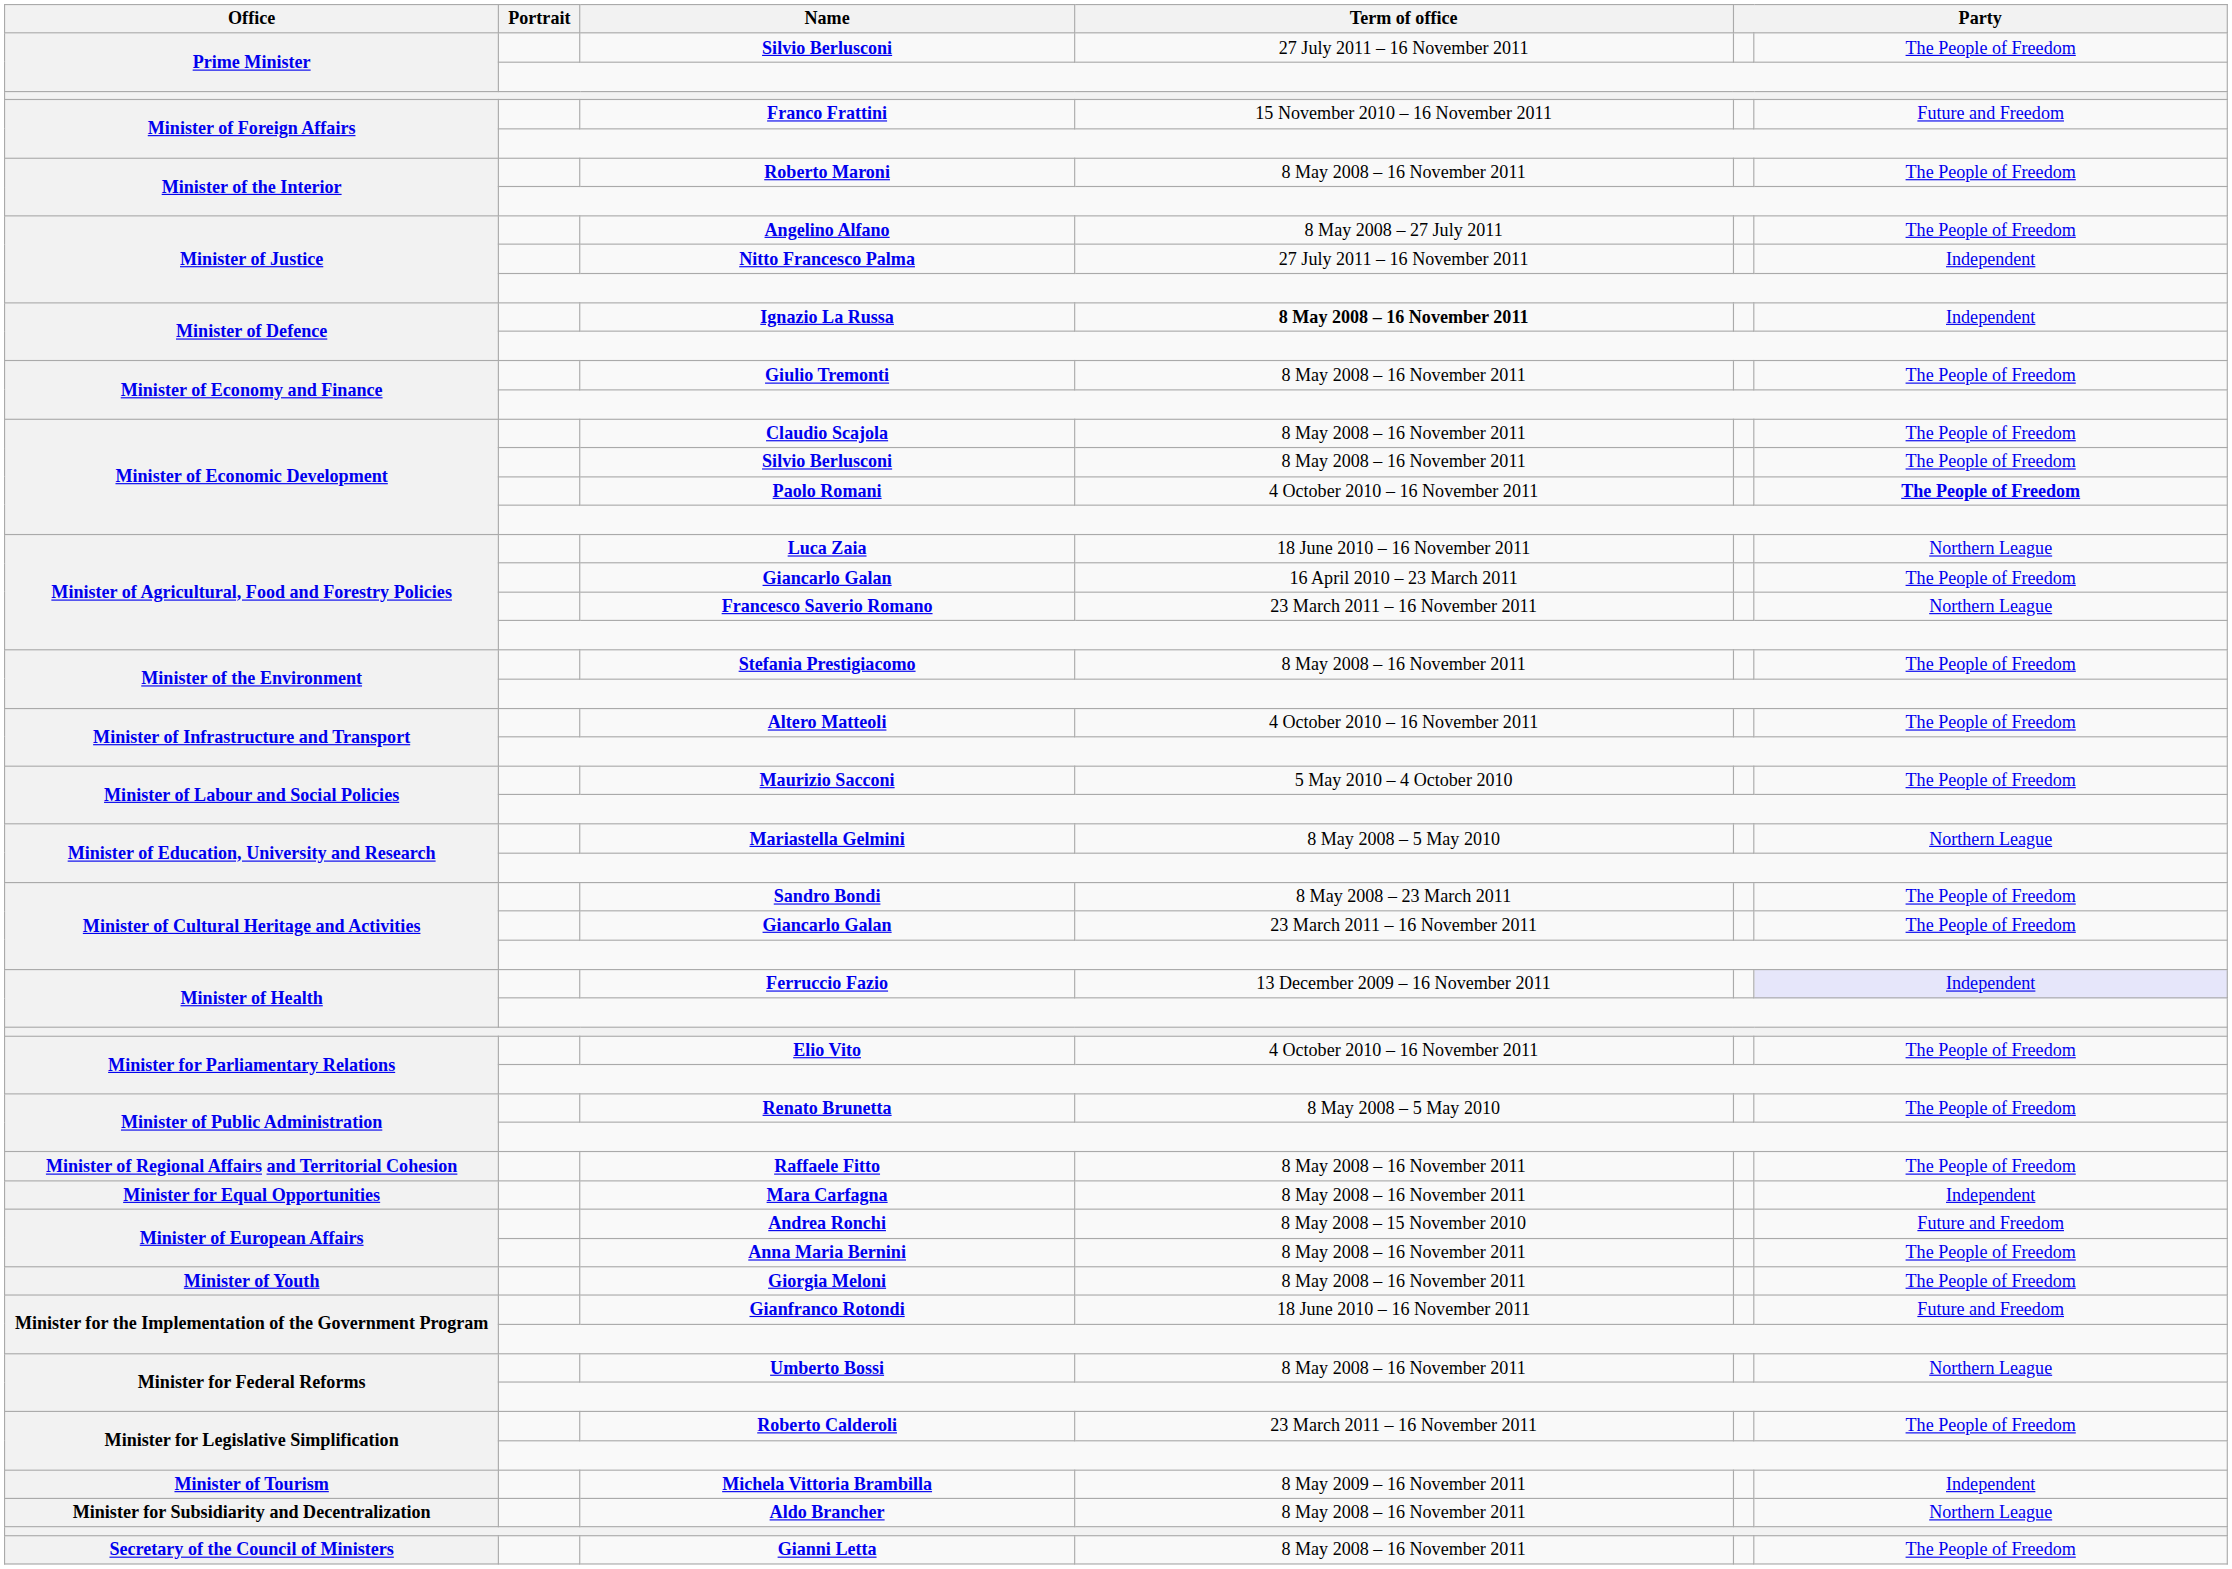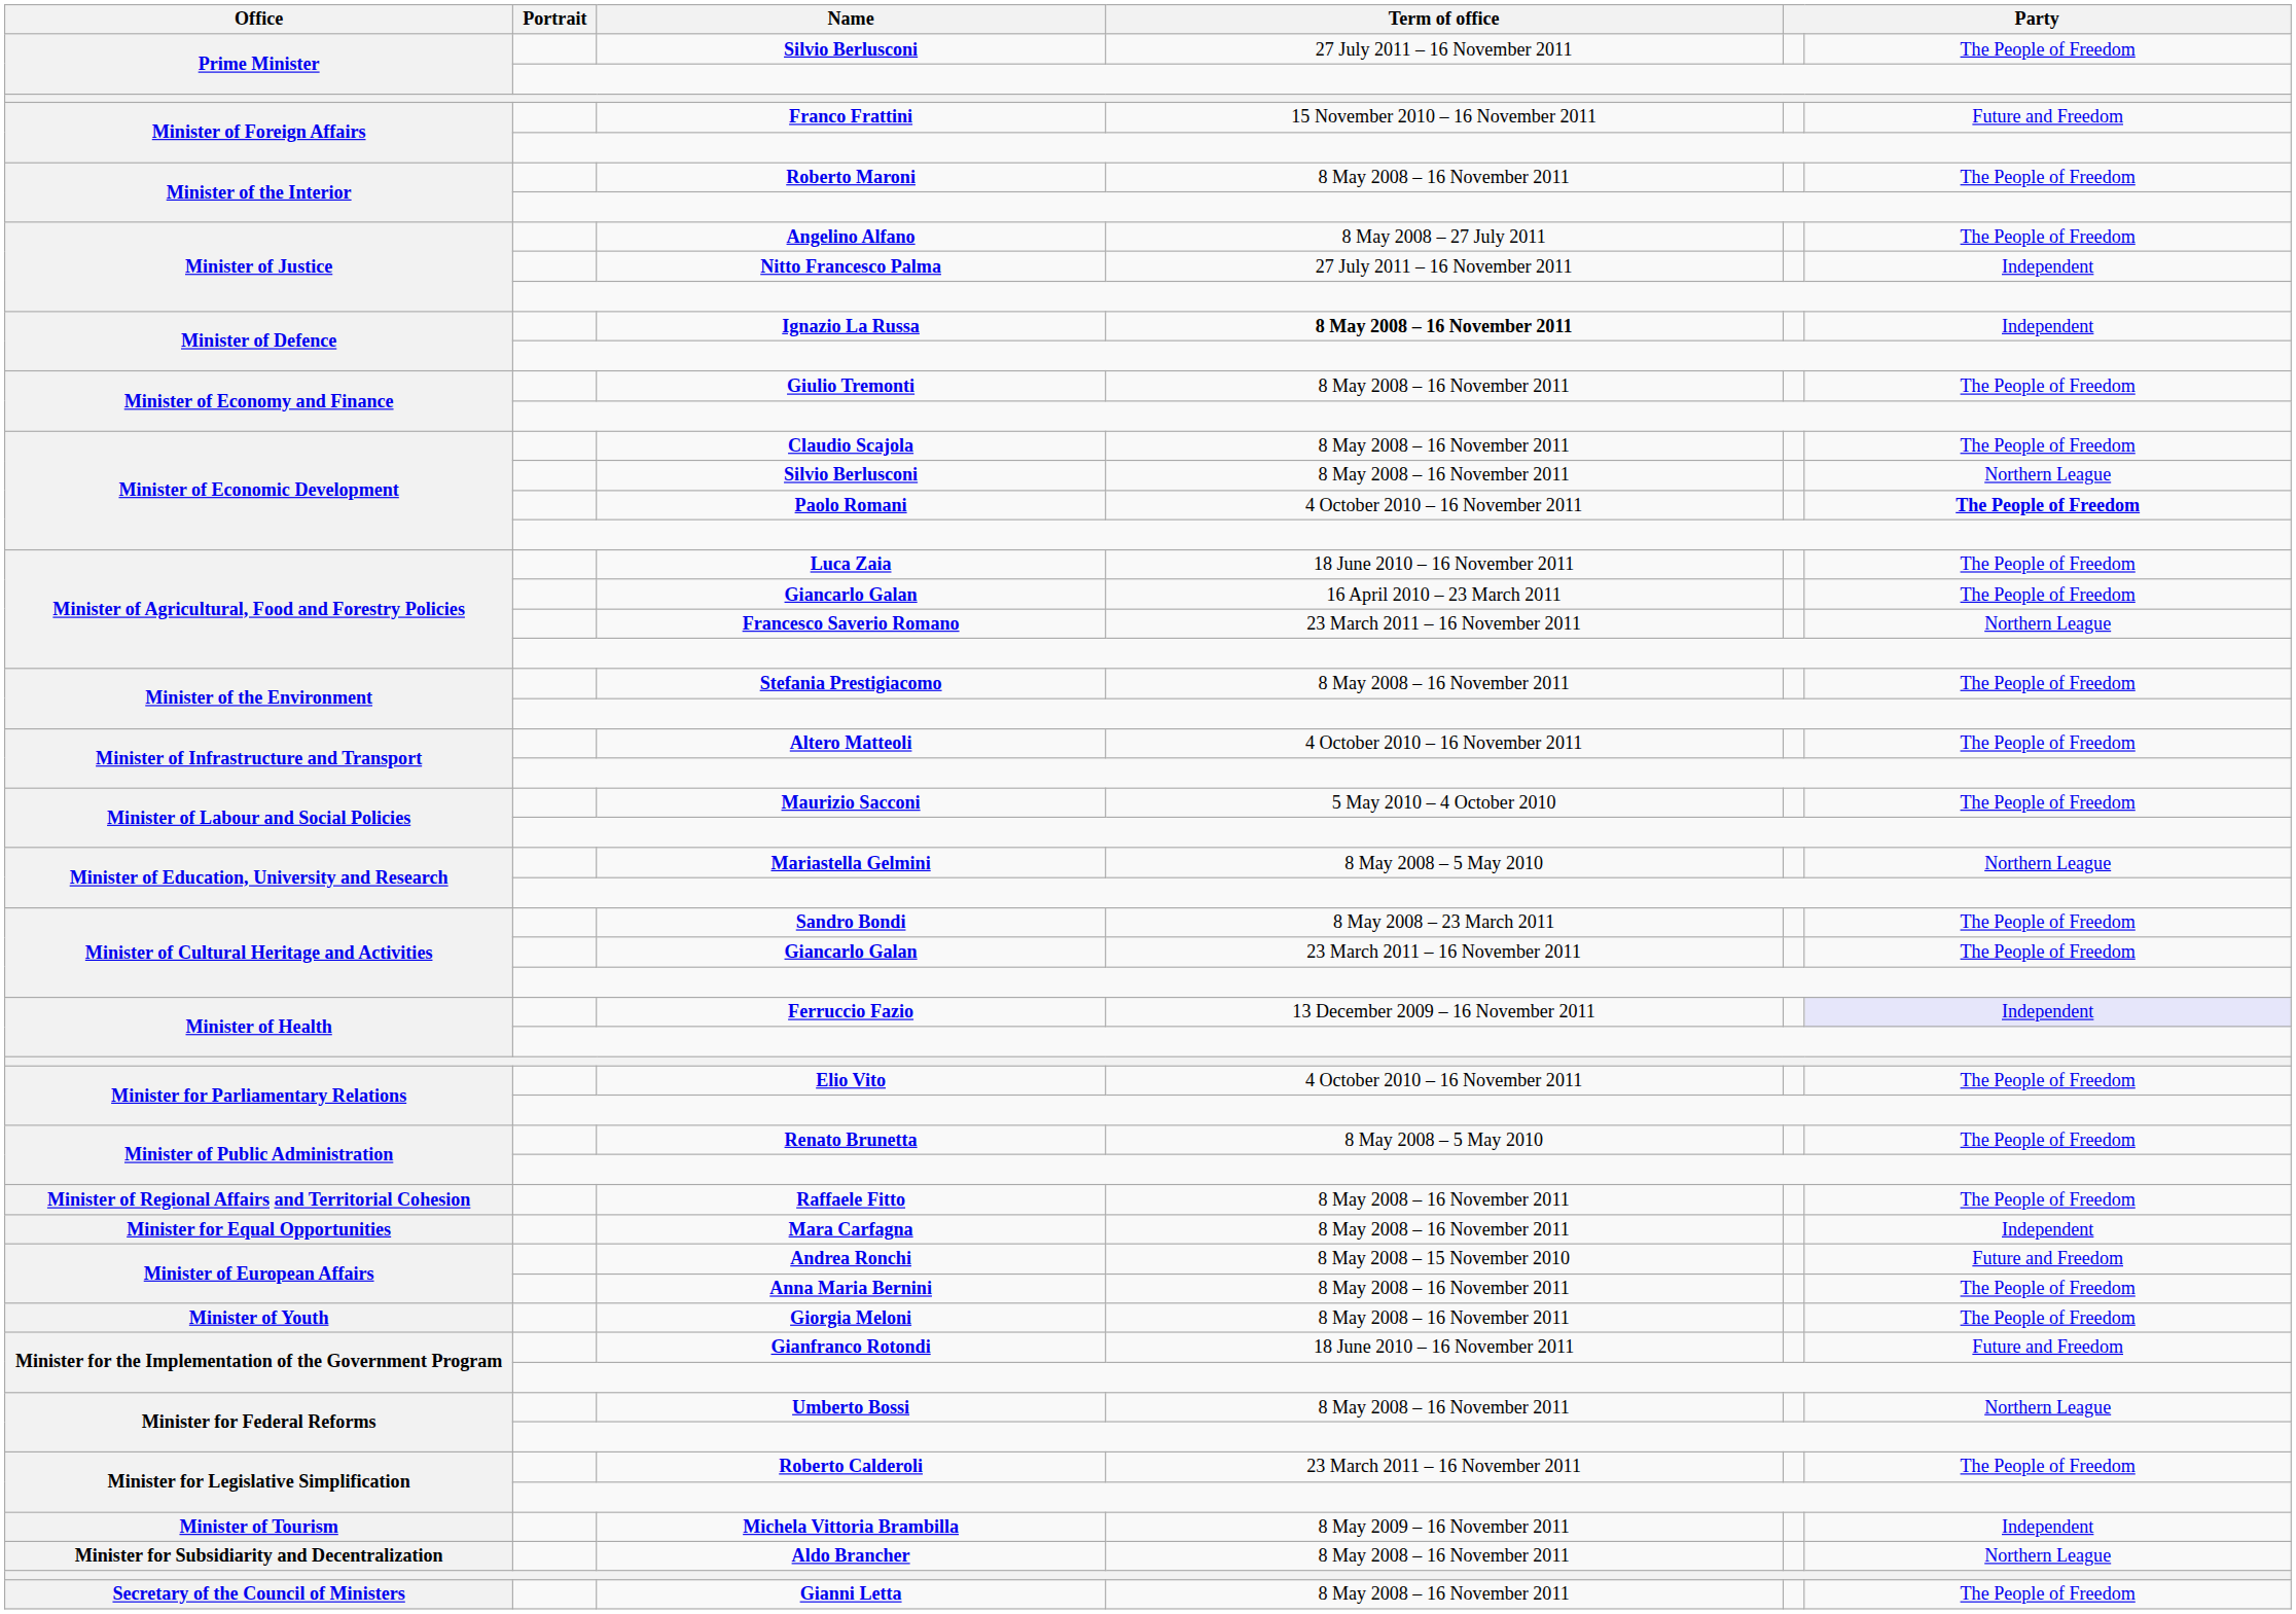 <table class="wikitable" style="text-align:center;">
 <tr>
 <th width=15%>Office</th>
 <th width=1%>Portrait</th>
 <th width=15%>Name</th>
 <th width=20%>Term of office</th>
 <th width=15% colspan=2>Party</th>
 </tr>
 <tr>
 <th rowspan=2><a href='#'>Prime Minister</a></th>
 <td></td>
 <td><strong><a href='#'>Silvio Berlusconi</a></strong></td>
 <td>27 July 2011 – 16 November 2011</td>
 <td></td>
 <td><a href='#'>The People of Freedom</a></td>
 </tr>
 <tr>
 <td colspan="5" style="font-size:95%; line-height:19px;"><br></td>
 </tr>
 <tr>
 <th colspan=6></th>
 </tr>
 <tr>
 <th rowspan=2><a href='#'>Minister of Foreign Affairs</a></th>
 <td></td>
 <td><strong><a href='#'>Franco Frattini</a></strong></td>
 <td>15 November 2010 – 16 November 2011</td>
 <td></td>
 <td><a href='#'>Future and Freedom</a><br></td>
 </tr>
 <tr>
 <td colspan="5" style="font-size:95%; line-height:19px;"><br></td>
 </tr>
 <tr>
 <th rowspan=2><a href='#'>Minister of the Interior</a></th>
 <td></td>
 <td><strong><a href='#'>Roberto Maroni</a></strong></td>
 <td>8 May 2008 – 16 November 2011</td>
 <td style="color:inherit;background:"></td>
 <td><a href='#'>The People of Freedom</a></td>
 </tr>
 <tr>
 <td colspan="5" style="font-size:95%; line-height:19px;"><br></td>
 </tr>
 <tr>
 <th rowspan=3><a href='#'>Minister of Justice</a></th>
 <td></td>
 <td><strong><a href='#'>Angelino Alfano</a></strong></td>
 <td>8 May 2008 – 27 July 2011</td>
 <td></td>
 <td><a href='#'>The People of Freedom</a></td>
 </tr>
 <tr>
 <td></td>
 <td><strong><a href='#'>Nitto Francesco Palma</a></strong></td>
 <td>27 July 2011 – 16 November 2011</td>
 <td></td>
 <td><a href='#'>Independent</a></td>
 </tr>
 <tr>
 <td colspan="5" style="font-size:95%; line-height:19px;"><br></td>
 </tr>
 <tr>
 <th rowspan=2><a href='#'>Minister of Defence</a></th>
 <td></td>
 <td><strong><a href='#'>Ignazio La Russa</a></strong></td>
 <td><strong>8 May 2008 – 16 November 2011</strong></td>
 <td></td>
 <td><a href='#'>Independent</a></td>
 </tr>
 <tr>
 <td colspan="5" style="font-size:95%; line-height:19px;"><br></td>
 </tr>
 <tr>
 <th rowspan=2><a href='#'>Minister of Economy and Finance</a></th>
 <td></td>
 <td><strong><a href='#'>Giulio Tremonti</a></strong></td>
 <td>8 May 2008 – 16 November 2011</td>
 <td></td>
 <td><a href='#'>The People of Freedom</a></td>
 </tr>
 <tr>
 <td colspan="5" style="font-size:95%; line-height:19px;"><br> </td>
 </tr>
 <tr>
 <th rowspan=4><a href='#'>Minister of Economic Development</a></th>
 <td></td>
 <td><strong><a href='#'>Claudio Scajola</a></strong></td>
 <td>8 May 2008 – 16 November 2011</td>
 <td></td>
 <td><a href='#'>The People of Freedom</a></td>
 </tr>
 <tr>
 <td></td>
 <td><strong><a href='#'>Silvio Berlusconi</a></strong><br></td>
 <td>8 May 2008 – 16 November 2011</td>
 <td></td>
-<td><a href='#'>The People of Freedom</a></td>
+<td><a href='#'>Northern League</a></td>
 </tr>
 <tr>
 <td></td>
 <td><strong><a href='#'>Paolo Romani</a></strong></td>
 <td>4 October 2010 – 16 November 2011</td>
 <td></td>
 <td><strong><a href='#'>The People of Freedom</a></strong></td>
 </tr>
 <tr>
 <td colspan="5" style="font-size:95%; line-height:19px;"><br> </td>
 </tr>
 <tr>
 <th rowspan=4><a href='#'>Minister of Agricultural, Food and Forestry Policies</a></th>
 <td></td>
 <td><strong><a href='#'>Luca Zaia</a></strong></td>
 <td>18 June 2010 – 16 November 2011</td>
 <td></td>
-<td><a href='#'>Northern League</a></td>
+<td><a href='#'>The People of Freedom</a></td>
 </tr>
 <tr>
 <td></td>
 <td><strong><a href='#'>Giancarlo Galan</a></strong></td>
 <td>16 April 2010 – 23 March 2011</td>
 <td></td>
 <td><a href='#'>The People of Freedom</a></td>
 </tr>
 <tr>
 <td></td>
 <td><strong><a href='#'>Francesco Saverio Romano</a></strong></td>
 <td>23 March 2011 – 16 November 2011</td>
 <td></td>
 <td><a href='#'>Northern League</a></td>
 </tr>
 <tr>
 <td colspan="5" style="font-size:95%; line-height:19px;"><br></td>
 </tr>
 <tr>
 <th rowspan=2><a href='#'>Minister of the Environment</a></th>
 <td></td>
 <td><strong><a href='#'>Stefania Prestigiacomo</a></strong></td>
 <td>8 May 2008 – 16 November 2011</td>
 <td></td>
 <td><a href='#'>The People of Freedom</a></td>
 </tr>
 <tr>
 <td colspan="5" style="font-size:95%; line-height:19px;"><br></td>
 </tr>
 <tr>
 <th rowspan=2><a href='#'>Minister of Infrastructure and Transport</a></th>
 <td></td>
 <td><strong><a href='#'>Altero Matteoli</a></strong></td>
 <td>4 October 2010 – 16 November 2011</td>
 <td></td>
 <td><a href='#'>The People of Freedom</a></td>
 </tr>
 <tr>
 <td colspan="5" style="font-size:95%; line-height:19px;"><br> </td>
 </tr>
 <tr>
 <th rowspan=2><a href='#'>Minister of Labour and Social Policies</a></th>
 <td></td>
 <td><strong><a href='#'>Maurizio Sacconi</a></strong></td>
 <td>5 May 2010 – 4 October 2010</td>
 <td></td>
 <td><a href='#'>The People of Freedom</a></td>
 </tr>
 <tr>
 <td colspan="5" style="font-size:95%; line-height:19px;"><br> </td>
 </tr>
 <tr>
 <th rowspan=2><a href='#'>Minister of Education, University and Research</a></th>
 <td></td>
 <td><strong><a href='#'>Mariastella Gelmini</a></strong></td>
 <td>8 May 2008 – 5 May 2010</td>
 <td></td>
 <td><a href='#'>Northern League</a></td>
 </tr>
 <tr>
 <td colspan="5" style="font-size:95%; line-height:19px;"><br></td>
 </tr>
 <tr>
 <th rowspan=3><a href='#'>Minister of Cultural Heritage and Activities</a></th>
 <td></td>
 <td><strong><a href='#'>Sandro Bondi</a></strong></td>
 <td>8 May 2008 – 23 March 2011</td>
 <td></td>
 <td><a href='#'>The People of Freedom</a></td>
 </tr>
 <tr>
 <td></td>
 <td><strong><a href='#'>Giancarlo Galan</a></strong></td>
 <td>23 March 2011 – 16 November 2011</td>
 <td></td>
 <td><a href='#'>The People of Freedom</a></td>
 </tr>
 <tr>
 <td colspan="5" style="font-size:95%; line-height:19px;"><br></td>
 </tr>
 <tr>
 <th rowspan=2><a href='#'>Minister of Health</a></th>
 <td></td>
 <td><strong><a href='#'>Ferruccio Fazio</a></strong></td>
 <td>13 December 2009 – 16 November 2011</td>
 <td></td>
 <td style="background: lavender;"><a href='#'>Independent</a></td>
 </tr>
 <tr>
 <td colspan="5" style="font-size:95%; line-height:19px;"><br></td>
 </tr>
 <tr>
 <th colspan=6></th>
 </tr>
 <tr>
 <th rowspan=2><a href='#'>Minister for Parliamentary Relations</a><br></th>
 <td></td>
 <td><strong><a href='#'>Elio Vito</a></strong></td>
 <td>4 October 2010 – 16 November 2011</td>
 <td></td>
 <td><a href='#'>The People of Freedom</a></td>
 </tr>
 <tr>
 <td colspan="5" style="font-size:95%; line-height:19px;"><br></td>
 </tr>
 <tr>
 <th rowspan=2><a href='#'>Minister of Public Administration</a><br></th>
 <td></td>
 <td><strong><a href='#'>Renato Brunetta</a></strong></td>
 <td>8 May 2008 – 5 May 2010</td>
 <td></td>
 <td><a href='#'>The People of Freedom</a></td>
 </tr>
 <tr>
 <td colspan="5" style="font-size:95%; line-height:19px;"><br></td>
 </tr>
 <tr>
 <th><a href='#'>Minister of Regional Affairs</a> <a href='#'>and Territorial Cohesion</a><br></th>
 <td></td>
 <td><strong><a href='#'>Raffaele Fitto</a></strong></td>
 <td>8 May 2008 – 16 November 2011</td>
 <td></td>
 <td><a href='#'>The People of Freedom</a></td>
 </tr>
 <tr>
 <th><a href='#'>Minister for Equal Opportunities</a><br></th>
 <td></td>
 <td><strong><a href='#'>Mara Carfagna</a></strong></td>
 <td>8 May 2008 – 16 November 2011</td>
 <td></td>
 <td><a href='#'>Independent</a></td>
 </tr>
 <tr>
 <th rowspan=2><a href='#'>Minister of European Affairs</a><br></th>
 <td></td>
 <td><strong><a href='#'>Andrea Ronchi</a></strong></td>
 <td>8 May 2008 – 15 November 2010</td>
 <td></td>
 <td><a href='#'>Future and Freedom</a><br></td>
 </tr>
 <tr>
 <td></td>
 <td><strong><a href='#'>Anna Maria Bernini</a></strong></td>
 <td>8 May 2008 – 16 November 2011</td>
 <td></td>
 <td><a href='#'>The People of Freedom</a></td>
 </tr>
 <tr>
 <th><a href='#'>Minister of Youth</a><br></th>
 <td></td>
 <td><strong><a href='#'>Giorgia Meloni</a></strong></td>
 <td>8 May 2008 – 16 November 2011</td>
 <td></td>
 <td><a href='#'>The People of Freedom</a></td>
 </tr>
 <tr>
 <th rowspan=2>Minister for the Implementation of the Government Program<br></th>
 <td></td>
 <td><strong><a href='#'>Gianfranco Rotondi</a></strong></td>
 <td>18 June 2010 – 16 November 2011</td>
 <td></td>
 <td><a href='#'>Future and Freedom</a><br></td>
 </tr>
 <tr>
 <td colspan="5" style="font-size:95%; line-height:19px;"><br></td>
 </tr>
 <tr>
 <th rowspan=2>Minister for Federal Reforms<br></th>
 <td></td>
 <td><strong><a href='#'>Umberto Bossi</a></strong></td>
 <td>8 May 2008 – 16 November 2011</td>
 <td></td>
 <td><a href='#'>Northern League</a></td>
 </tr>
 <tr>
 <td colspan="5" style="font-size:95%; line-height:19px;"><br></td>
 </tr>
 <tr>
 <th rowspan=2>Minister for Legislative Simplification<br></th>
 <td></td>
 <td><strong><a href='#'>Roberto Calderoli</a></strong></td>
 <td>23 March 2011 – 16 November 2011</td>
 <td></td>
 <td><a href='#'>The People of Freedom</a></td>
 </tr>
 <tr>
 <td colspan="5" style="font-size:95%; line-height:19px;"><br></td>
 </tr>
 <tr>
 <th><a href='#'>Minister of Tourism</a><br></th>
 <td></td>
 <td><strong><a href='#'>Michela Vittoria Brambilla</a></strong></td>
 <td>8 May 2009 – 16 November 2011</td>
 <td></td>
 <td><a href='#'>Independent</a></td>
 </tr>
 <tr>
 <th>Minister for Subsidiarity and Decentralization<br></th>
 <td></td>
 <td><strong><a href='#'>Aldo Brancher</a></strong></td>
 <td>8 May 2008 – 16 November 2011</td>
 <td></td>
 <td><a href='#'>Northern League</a></td>
 </tr>
 <tr>
 <th colspan=6></th>
 </tr>
 <tr>
 <th><a href='#'>Secretary of the Council of Ministers</a><br></th>
 <td></td>
 <td><strong><a href='#'>Gianni Letta</a></strong></td>
 <td>8 May 2008 – 16 November 2011</td>
 <td></td>
 <td><a href='#'>The People of Freedom</a></td>
 </tr>
 </table>
